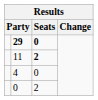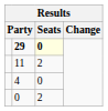 <table class="wikitable">
 <tr>
 <th colspan="4">Results</th>
 </tr>
 <tr>
 <th colspan="2">Party</th>
 <th>Seats</th>
 <th>Change</th>
 </tr>
 <tr>
 <td></td>
 <td><strong>29</strong></td>
-<td> <strong>0</strong></td>
+<td style="background: lightyellow;"> <strong>0</strong></td>
 </tr>
 <tr>
 <td></td>
 <td>11</td>
-<td><strong> 2</strong></td>
+<td> 2</td>
 </tr>
 <tr>
 <td></td>
 <td>4</td>
 <td> 0</td>
 </tr>
 <tr>
 <td></td>
 <td>0</td>
 <td> 2</td>
 </tr>
 </table>
